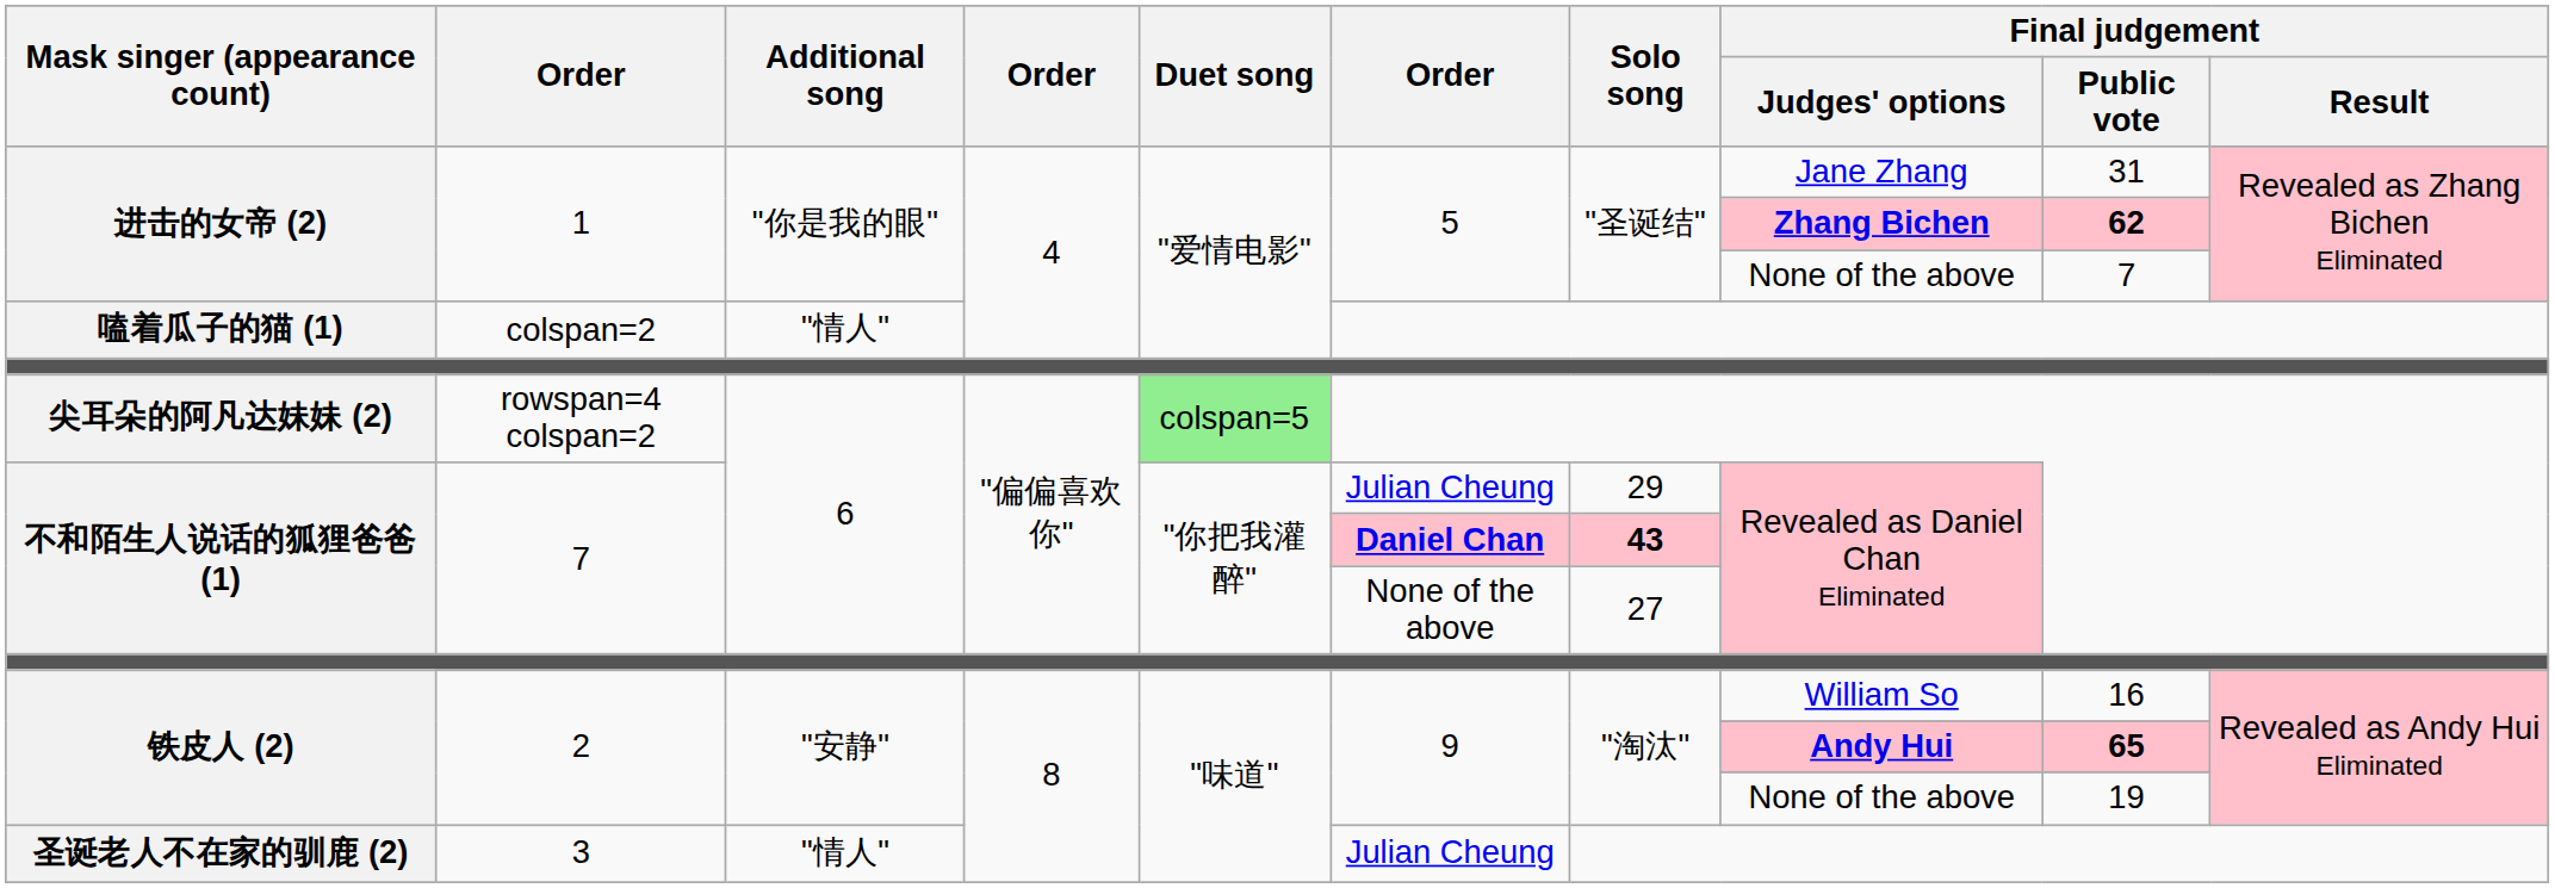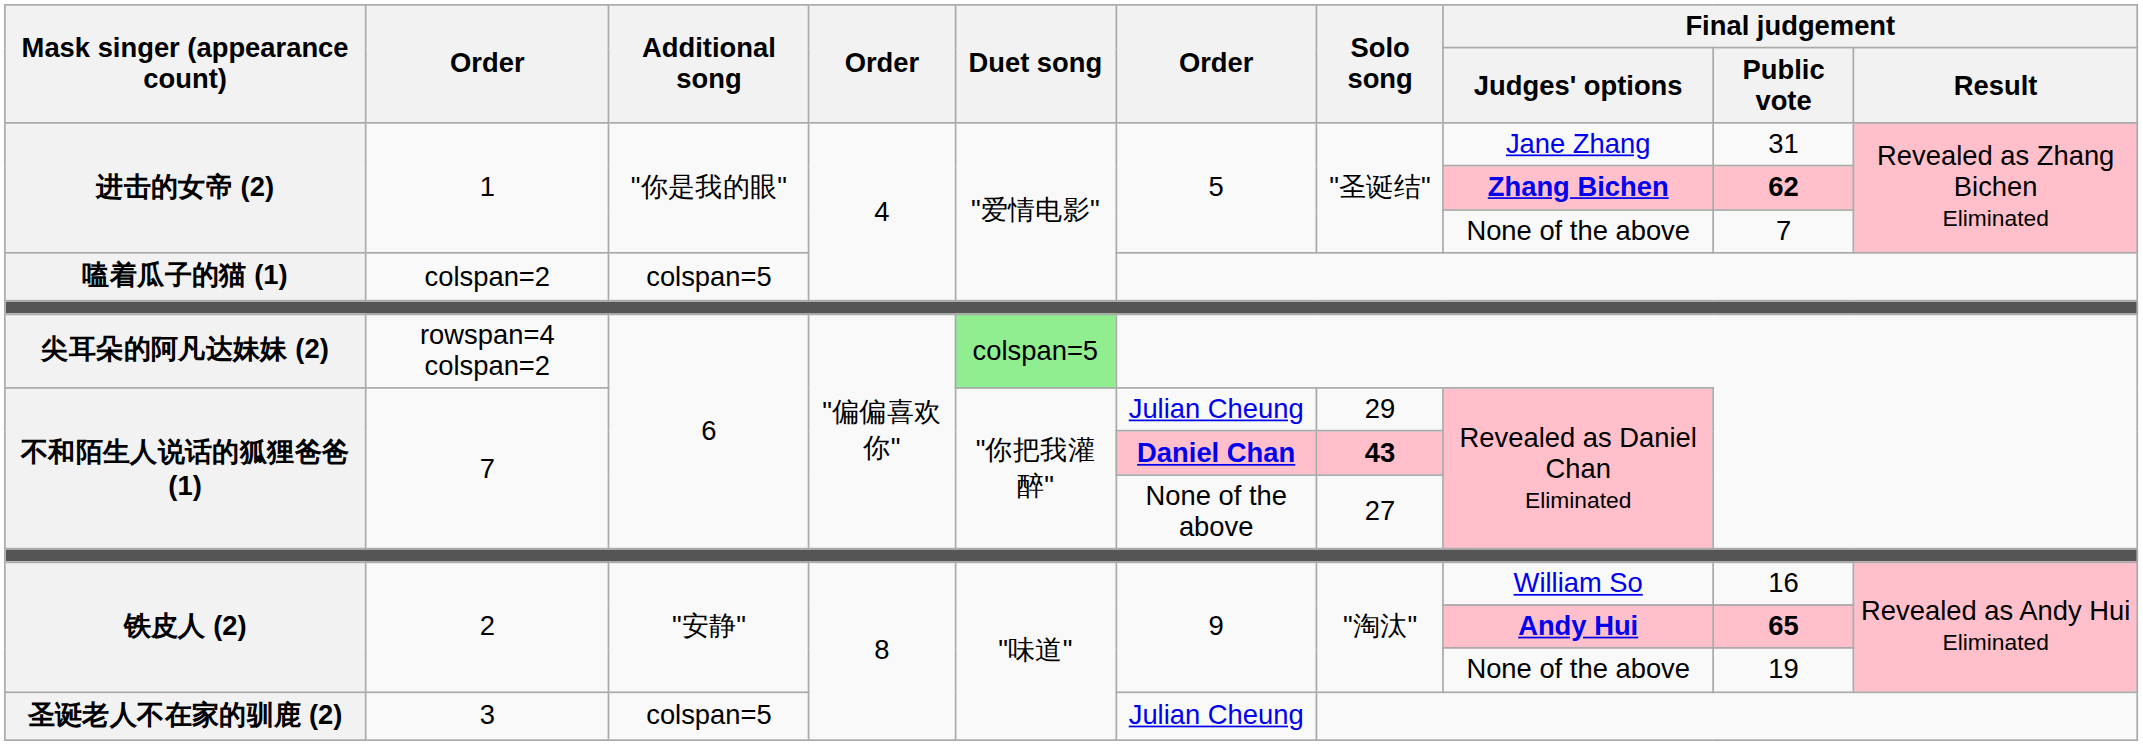 <table class="wikitable plainrowheaders" style="text-align:center;">
 <tr>
 <th rowspan=2 scope="col">Mask singer (appearance count)</th>
 <th rowspan=2 scope="col">Order</th>
 <th rowspan=2 scope="col">Additional song</th>
 <th rowspan=2 scope="col">Order</th>
 <th rowspan=2 scope="col">Duet song</th>
 <th rowspan=2 scope="col">Order</th>
 <th rowspan=2 scope="col">Solo song</th>
 <th scope="col" colspan=3>Final judgement</th>
 </tr>
 <tr>
 <th scope="col">Judges' options</th>
 <th scope="col">Public vote</th>
 <th scope="col">Result</th>
 </tr>
 <tr>
 <th rowspan=3 scope="row">进击的女帝 (2)</th>
 <td rowspan=3>1</td>
 <td rowspan=3>"你是我的眼"</td>
 <td rowspan=4>4</td>
 <td rowspan=4>"爱情电影"</td>
 <td rowspan=3>5</td>
 <td rowspan=3>"圣诞结"</td>
 <td><a href='#'>Jane Zhang</a></td>
 <td>31</td>
 <td style="background:pink;" rowspan=3>Revealed as Zhang Bichen<br><small>Eliminated</small></td>
 </tr>
 <tr style="background:pink;">
 <td><strong><a href='#'>Zhang Bichen</a></strong></td>
 <td><strong>62</strong></td>
 </tr>
 <tr>
 <td>None of the above</td>
 <td>7</td>
 </tr>
 <tr>
 <th scope="row">嗑着瓜子的猫 (1)</th>
 <td>colspan=2 </td>
-<td>"情人"</td>
+<td>colspan=5 </td>
 </tr>
 <tr>
 <td colspan="10" style="background:#555;"></td>
 </tr>
 <tr>
 <th scope="row">尖耳朵的阿凡达妹妹 (2)</th>
 <td>rowspan=4  colspan=2 </td>
 <td rowspan=4>6</td>
 <td rowspan=4>"偏偏喜欢你"</td>
 <td style="background: lightgreen;">colspan=5 </td>
 </tr>
 <tr>
 <th rowspan=3 scope="row">不和陌生人说话的狐狸爸爸 (1) </th>
 <td rowspan=3>7</td>
 <td rowspan=3>"你把我灌醉"</td>
 <td><a href='#'>Julian Cheung</a></td>
 <td>29</td>
 <td style="background:pink;" rowspan=3>Revealed as Daniel Chan<br><small>Eliminated</small></td>
 </tr>
 <tr style="background:pink;">
 <td><strong><a href='#'>Daniel Chan</a></strong></td>
 <td><strong>43</strong></td>
 </tr>
 <tr>
 <td>None of the above</td>
 <td>27</td>
 </tr>
 <tr>
 <td colspan="10" style="background:#555;"></td>
 </tr>
 <tr>
 <th rowspan=3 scope="row">铁皮人 (2)</th>
 <td rowspan=3>2</td>
 <td rowspan=3>"安静"</td>
 <td rowspan=4>8</td>
 <td rowspan=4>"味道"</td>
 <td rowspan=3>9</td>
 <td rowspan=3>"淘汰"</td>
 <td><a href='#'>William So</a></td>
 <td>16</td>
 <td style="background:pink;" rowspan=3>Revealed as Andy Hui<br><small>Eliminated</small></td>
 </tr>
 <tr style="background:pink;">
 <td><strong><a href='#'>Andy Hui</a></strong></td>
 <td><strong>65</strong></td>
 </tr>
 <tr>
 <td>None of the above</td>
 <td>19</td>
 </tr>
 <tr>
 <th scope="row">圣诞老人不在家的驯鹿 (2)</th>
 <td>3</td>
-<td>"情人"</td>
+<td>colspan=5 </td>
 <td><a href='#'>Julian Cheung</a></td>
 </tr>
 </table>
